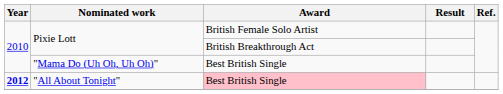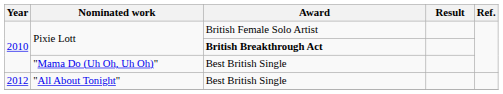 <table class="wikitable">
 <tr>
 <th>Year</th>
 <th width="250">Nominated work</th>
 <th width="325">Award</th>
 <th width="65">Result</th>
 <th>Ref.</th>
 </tr>
 <tr>
 <td align="center" rowspan=3><a href='#'>2010</a></td>
 <td rowspan=2>Pixie Lott</td>
 <td>British Female Solo Artist</td>
 <td></td>
 <td align="center" rowspan=3></td>
 </tr>
 <tr>
-<td>British Breakthrough Act</td>
+<td><strong>British Breakthrough Act</strong></td>
 <td></td>
 </tr>
 <tr>
 <td>"<a href='#'>Mama Do (Uh Oh, Uh Oh)</a>"</td>
 <td>Best British Single</td>
 <td></td>
 </tr>
 <tr>
-<td align="center"><strong><a href='#'>2012</a></strong></td>
+<td align="center"><a href='#'>2012</a></td>
 <td>"<a href='#'>All About Tonight</a>"</td>
-<td style="background: pink;">Best British Single</td>
+<td>Best British Single</td>
 <td></td>
 <td align="center"></td>
 </tr>
 <tr>
 </tr>
 </table>
